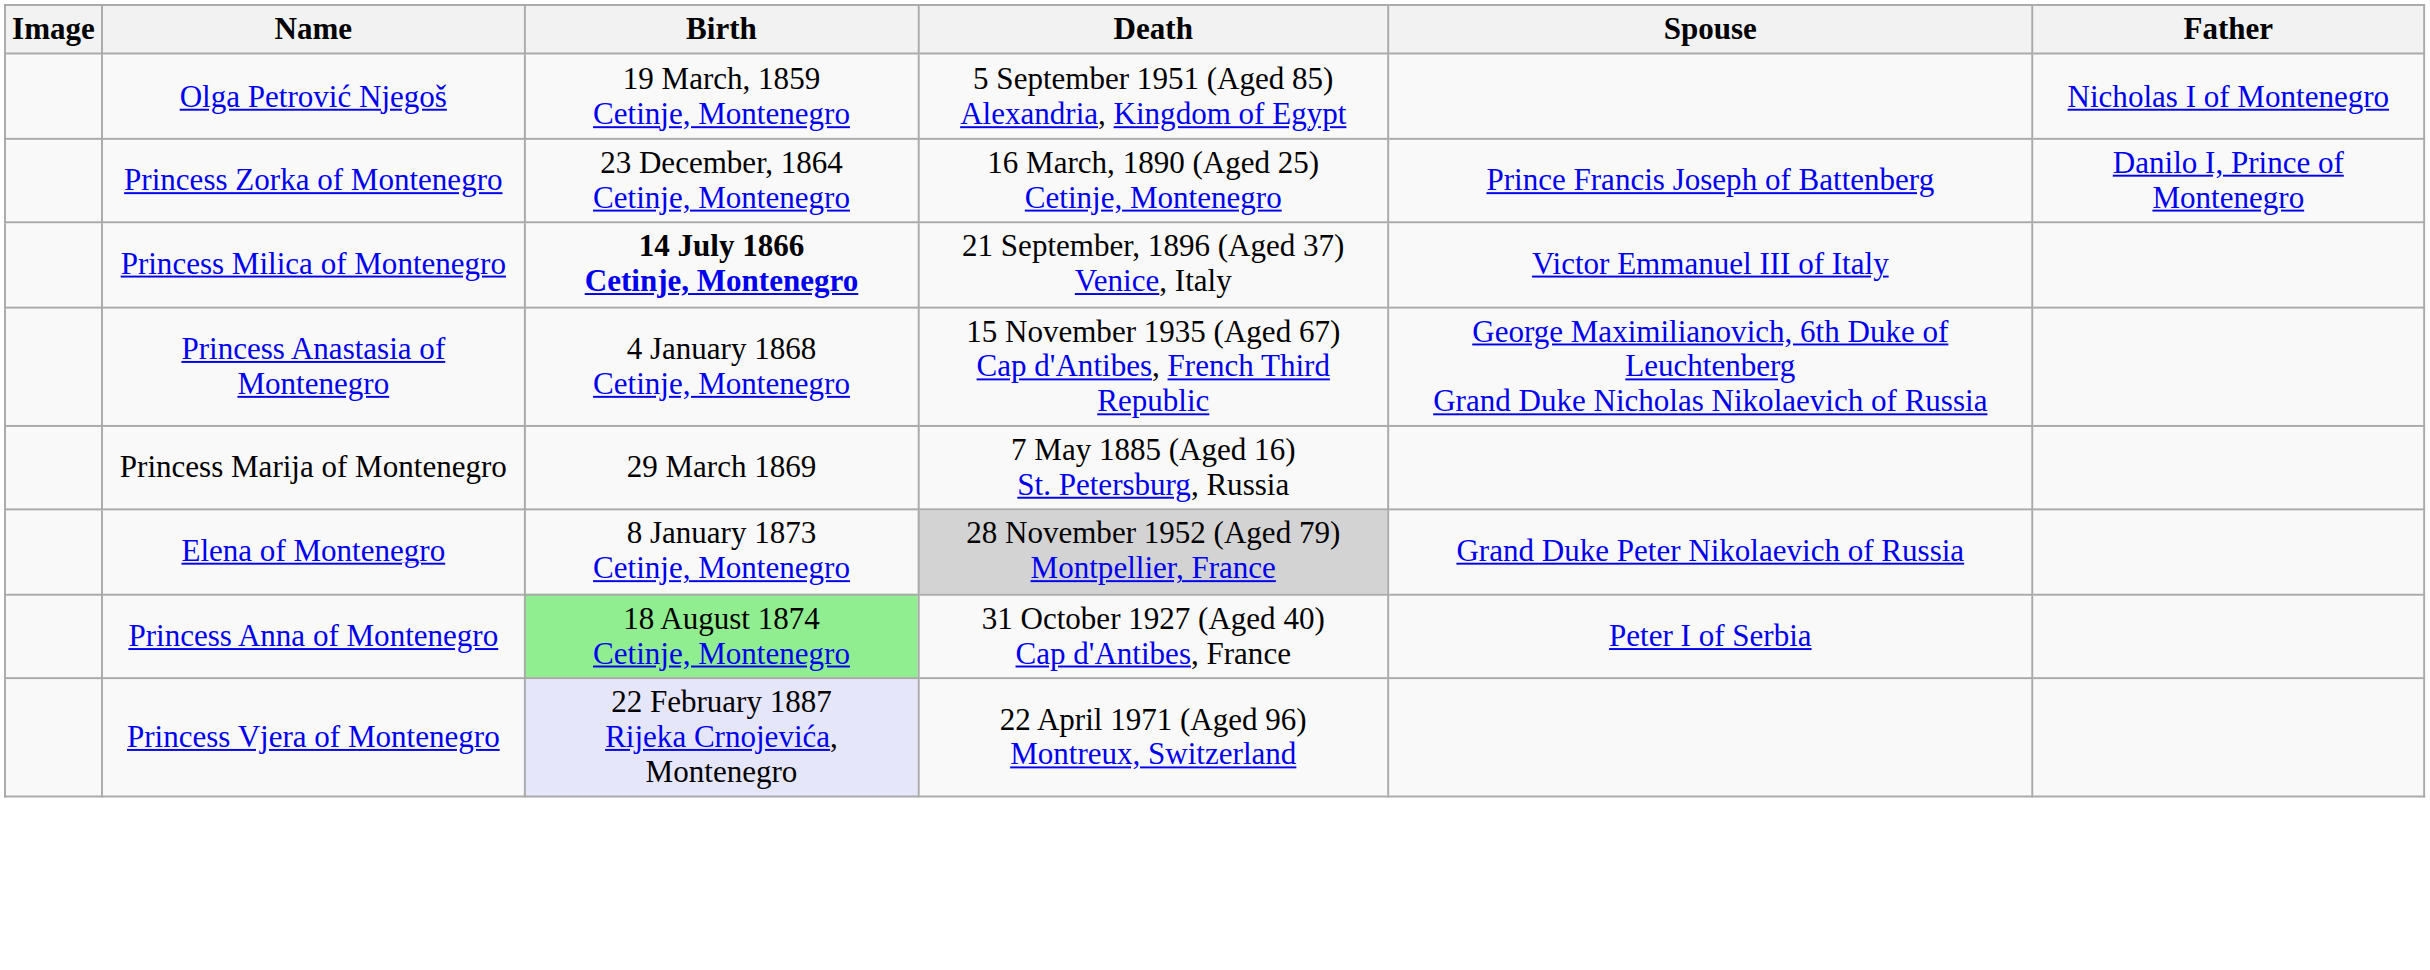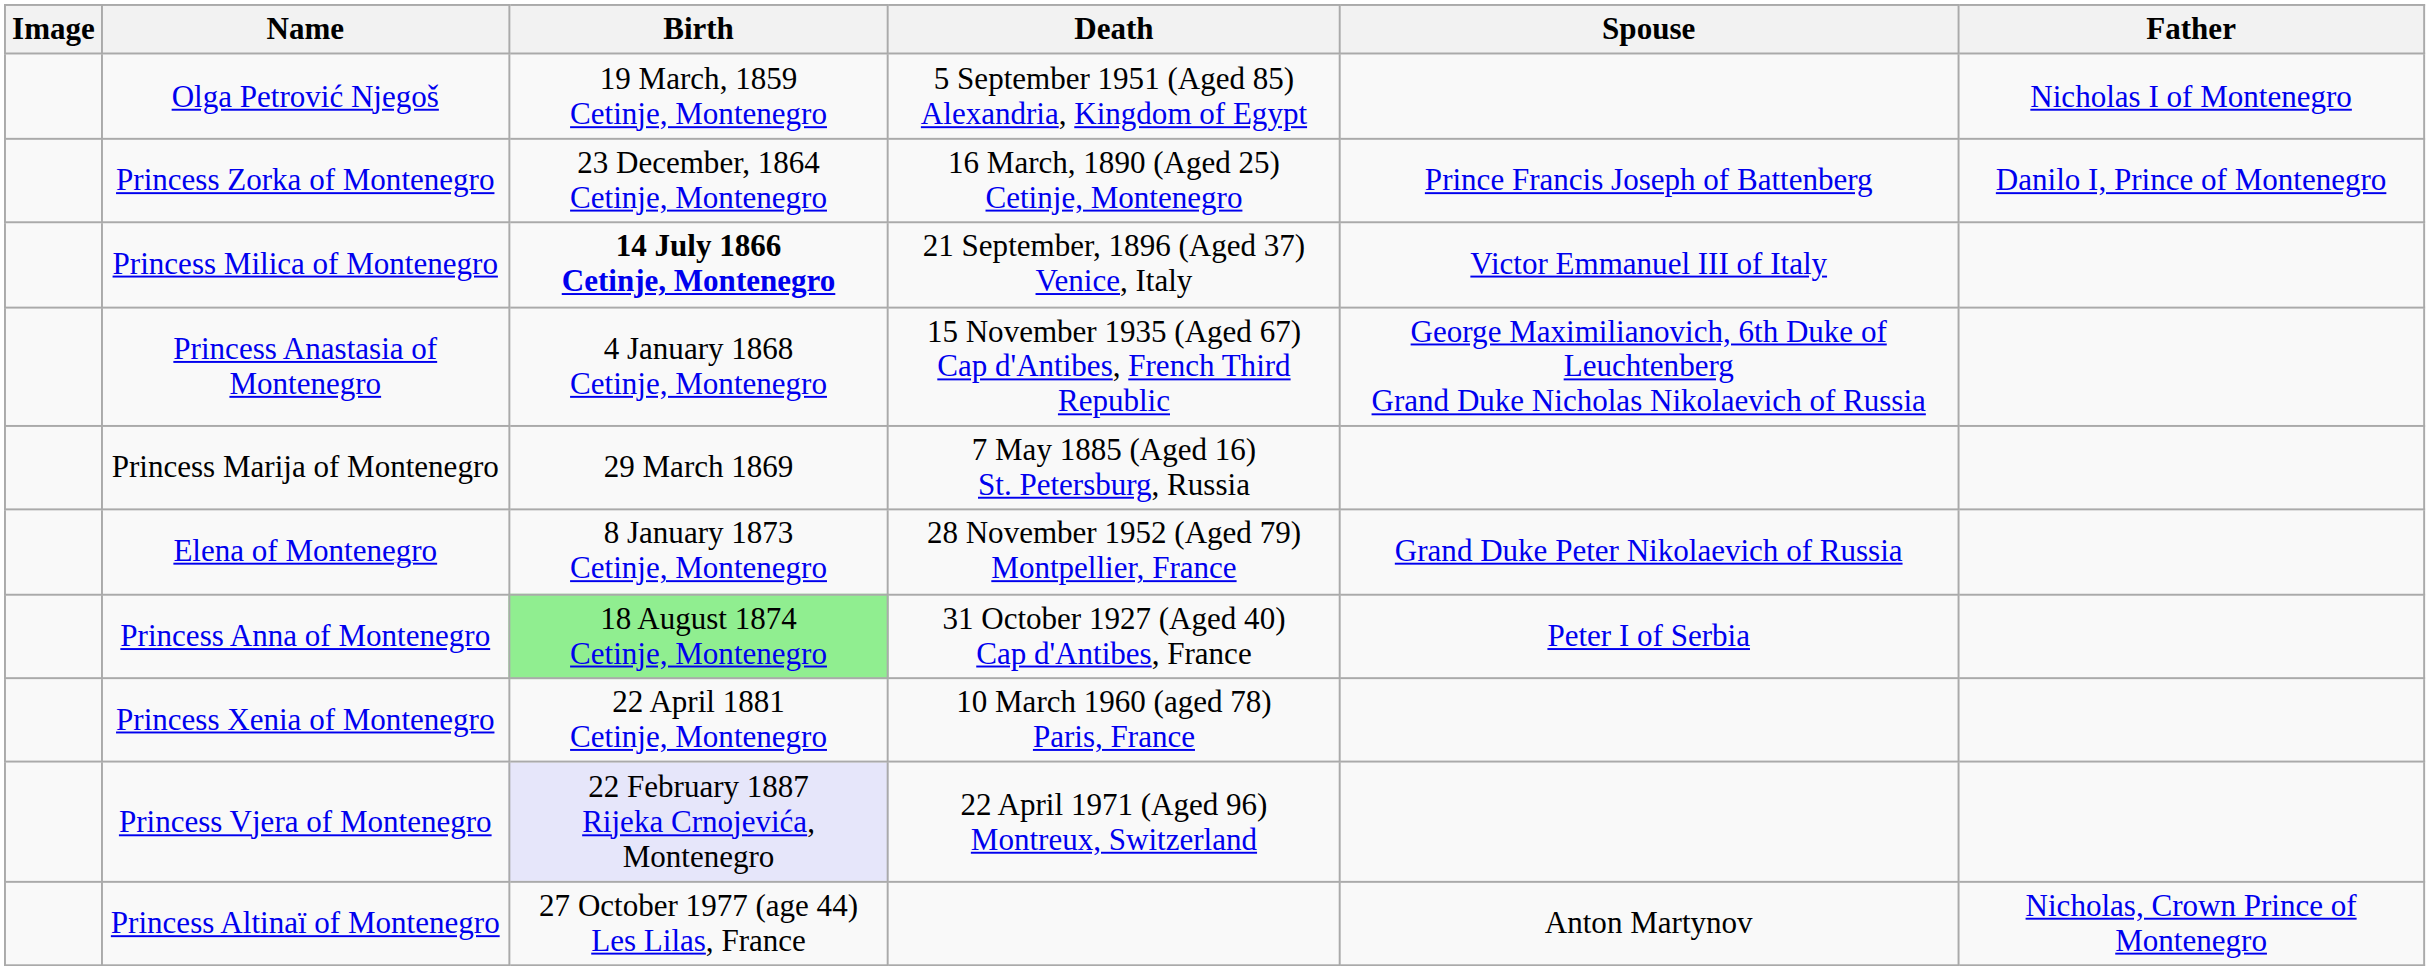 <table class="wikitable plainrowheaders sortable">
 <tr>
 <th class="unsortable">Image</th>
 <th>Name</th>
 <th>Birth</th>
 <th>Death</th>
 <th>Spouse</th>
 <th>Father</th>
 </tr>
 <tr align=center>
 <td></td>
 <td><a href='#'>Olga Petrović Njegoš</a></td>
 <td>19 March, 1859<br><a href='#'>Cetinje, Montenegro</a></td>
 <td>5 September 1951 (Aged 85)<br><a href='#'>Alexandria</a>, <a href='#'>Kingdom of Egypt</a></td>
 <td></td>
 <td><a href='#'>Nicholas I of Montenegro</a></td>
 </tr>
 <tr align=center>
 <td><br></td>
 <td><a href='#'>Princess Zorka of Montenegro</a></td>
 <td>23 December, 1864<br><a href='#'>Cetinje, Montenegro</a></td>
 <td>16 March, 1890 (Aged 25)<br><a href='#'>Cetinje, Montenegro</a></td>
 <td><a href='#'>Prince Francis Joseph of Battenberg</a></td>
 <td><a href='#'>Danilo I, Prince of Montenegro</a></td>
 </tr>
 <tr align=center>
 <td><br></td>
 <td><a href='#'>Princess Milica of Montenegro</a></td>
 <td><strong>14 July 1866<br><a href='#'>Cetinje, Montenegro</a></strong></td>
 <td>21 September, 1896 (Aged 37)<br><a href='#'>Venice</a>, Italy</td>
 <td><a href='#'>Victor Emmanuel III of Italy</a></td>
 <td></td>
 </tr>
 <tr align=center>
 <td></td>
 <td><a href='#'>Princess Anastasia of Montenegro</a></td>
 <td>4 January 1868<br><a href='#'>Cetinje, Montenegro</a></td>
 <td>15 November 1935 (Aged 67)<br><a href='#'>Cap d'Antibes</a>, <a href='#'>French Third Republic</a></td>
 <td><a href='#'>George Maximilianovich, 6th Duke of Leuchtenberg</a><br><a href='#'>Grand Duke Nicholas Nikolaevich of Russia</a></td>
 <td></td>
 </tr>
 <tr align=center>
 <td></td>
 <td>Princess Marija of Montenegro</td>
 <td>29 March 1869</td>
 <td>7 May 1885 (Aged 16)<br><a href='#'>St. Petersburg</a>, Russia</td>
 <td></td>
 <td></td>
 </tr>
 <tr align=center>
 <td><br></td>
 <td><a href='#'>Elena of Montenegro</a></td>
 <td>8 January 1873<br><a href='#'>Cetinje, Montenegro</a></td>
-<td style="background: lightgrey;">28 November 1952 (Aged 79)<br><a href='#'>Montpellier, France</a></td>
+<td>28 November 1952 (Aged 79)<br><a href='#'>Montpellier, France</a></td>
 <td><a href='#'>Grand Duke Peter Nikolaevich of Russia</a></td>
 <td></td>
 </tr>
 <tr align=center>
 <td><br></td>
 <td><a href='#'>Princess Anna of Montenegro</a></td>
 <td style="background: lightgreen;">18 August 1874<br><a href='#'>Cetinje, Montenegro</a></td>
 <td>31 October 1927 (Aged 40)<br><a href='#'>Cap d'Antibes</a>, France</td>
 <td><a href='#'>Peter I of Serbia</a></td>
 <td></td>
 </tr>
 <tr align=center>
 <td><br></td>
+<td><a href='#'>Princess Xenia of Montenegro</a></td>
+<td>22 April 1881<br><a href='#'>Cetinje, Montenegro</a></td>
+<td>10 March 1960 (aged 78)<br><a href='#'>Paris, France</a></td>
+<td></td>
+<td></td>
+</tr>
+<tr align=center>
+<td><br></td>
 <td><a href='#'>Princess Vjera of Montenegro</a></td>
 <td style="background: lavender;">22 February 1887<br><a href='#'>Rijeka Crnojevića</a>, Montenegro</td>
 <td>22 April 1971 (Aged 96)<br><a href='#'>Montreux, Switzerland</a></td>
 <td></td>
 <td></td>
 </tr>
+<tr align=center>
+<td></td>
+<td><a href='#'>Princess Altinaï of Montenegro</a></td>
+<td>27 October 1977 (age 44)<br><a href='#'>Les Lilas</a>, France</td>
+<td></td>
+<td>Anton Martynov</td>
+<td><a href='#'>Nicholas, Crown Prince of Montenegro</a></td>
+</tr>
 </table>
